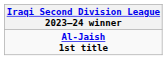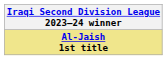 <table class="wikitable" style="text-align: center; margin: 0 auto;">
 <tr>
 <th><a href='#'>Iraqi Second Division League</a><br>2023–24 winner</th>
 </tr>
 <tr>
-<td><strong><a href='#'>Al-Jaish</a></strong><br><strong>1st title</strong></td>
+<td style="background: khaki;"><strong><a href='#'>Al-Jaish</a></strong><br><strong>1st title</strong></td>
 </tr>
 </table>
